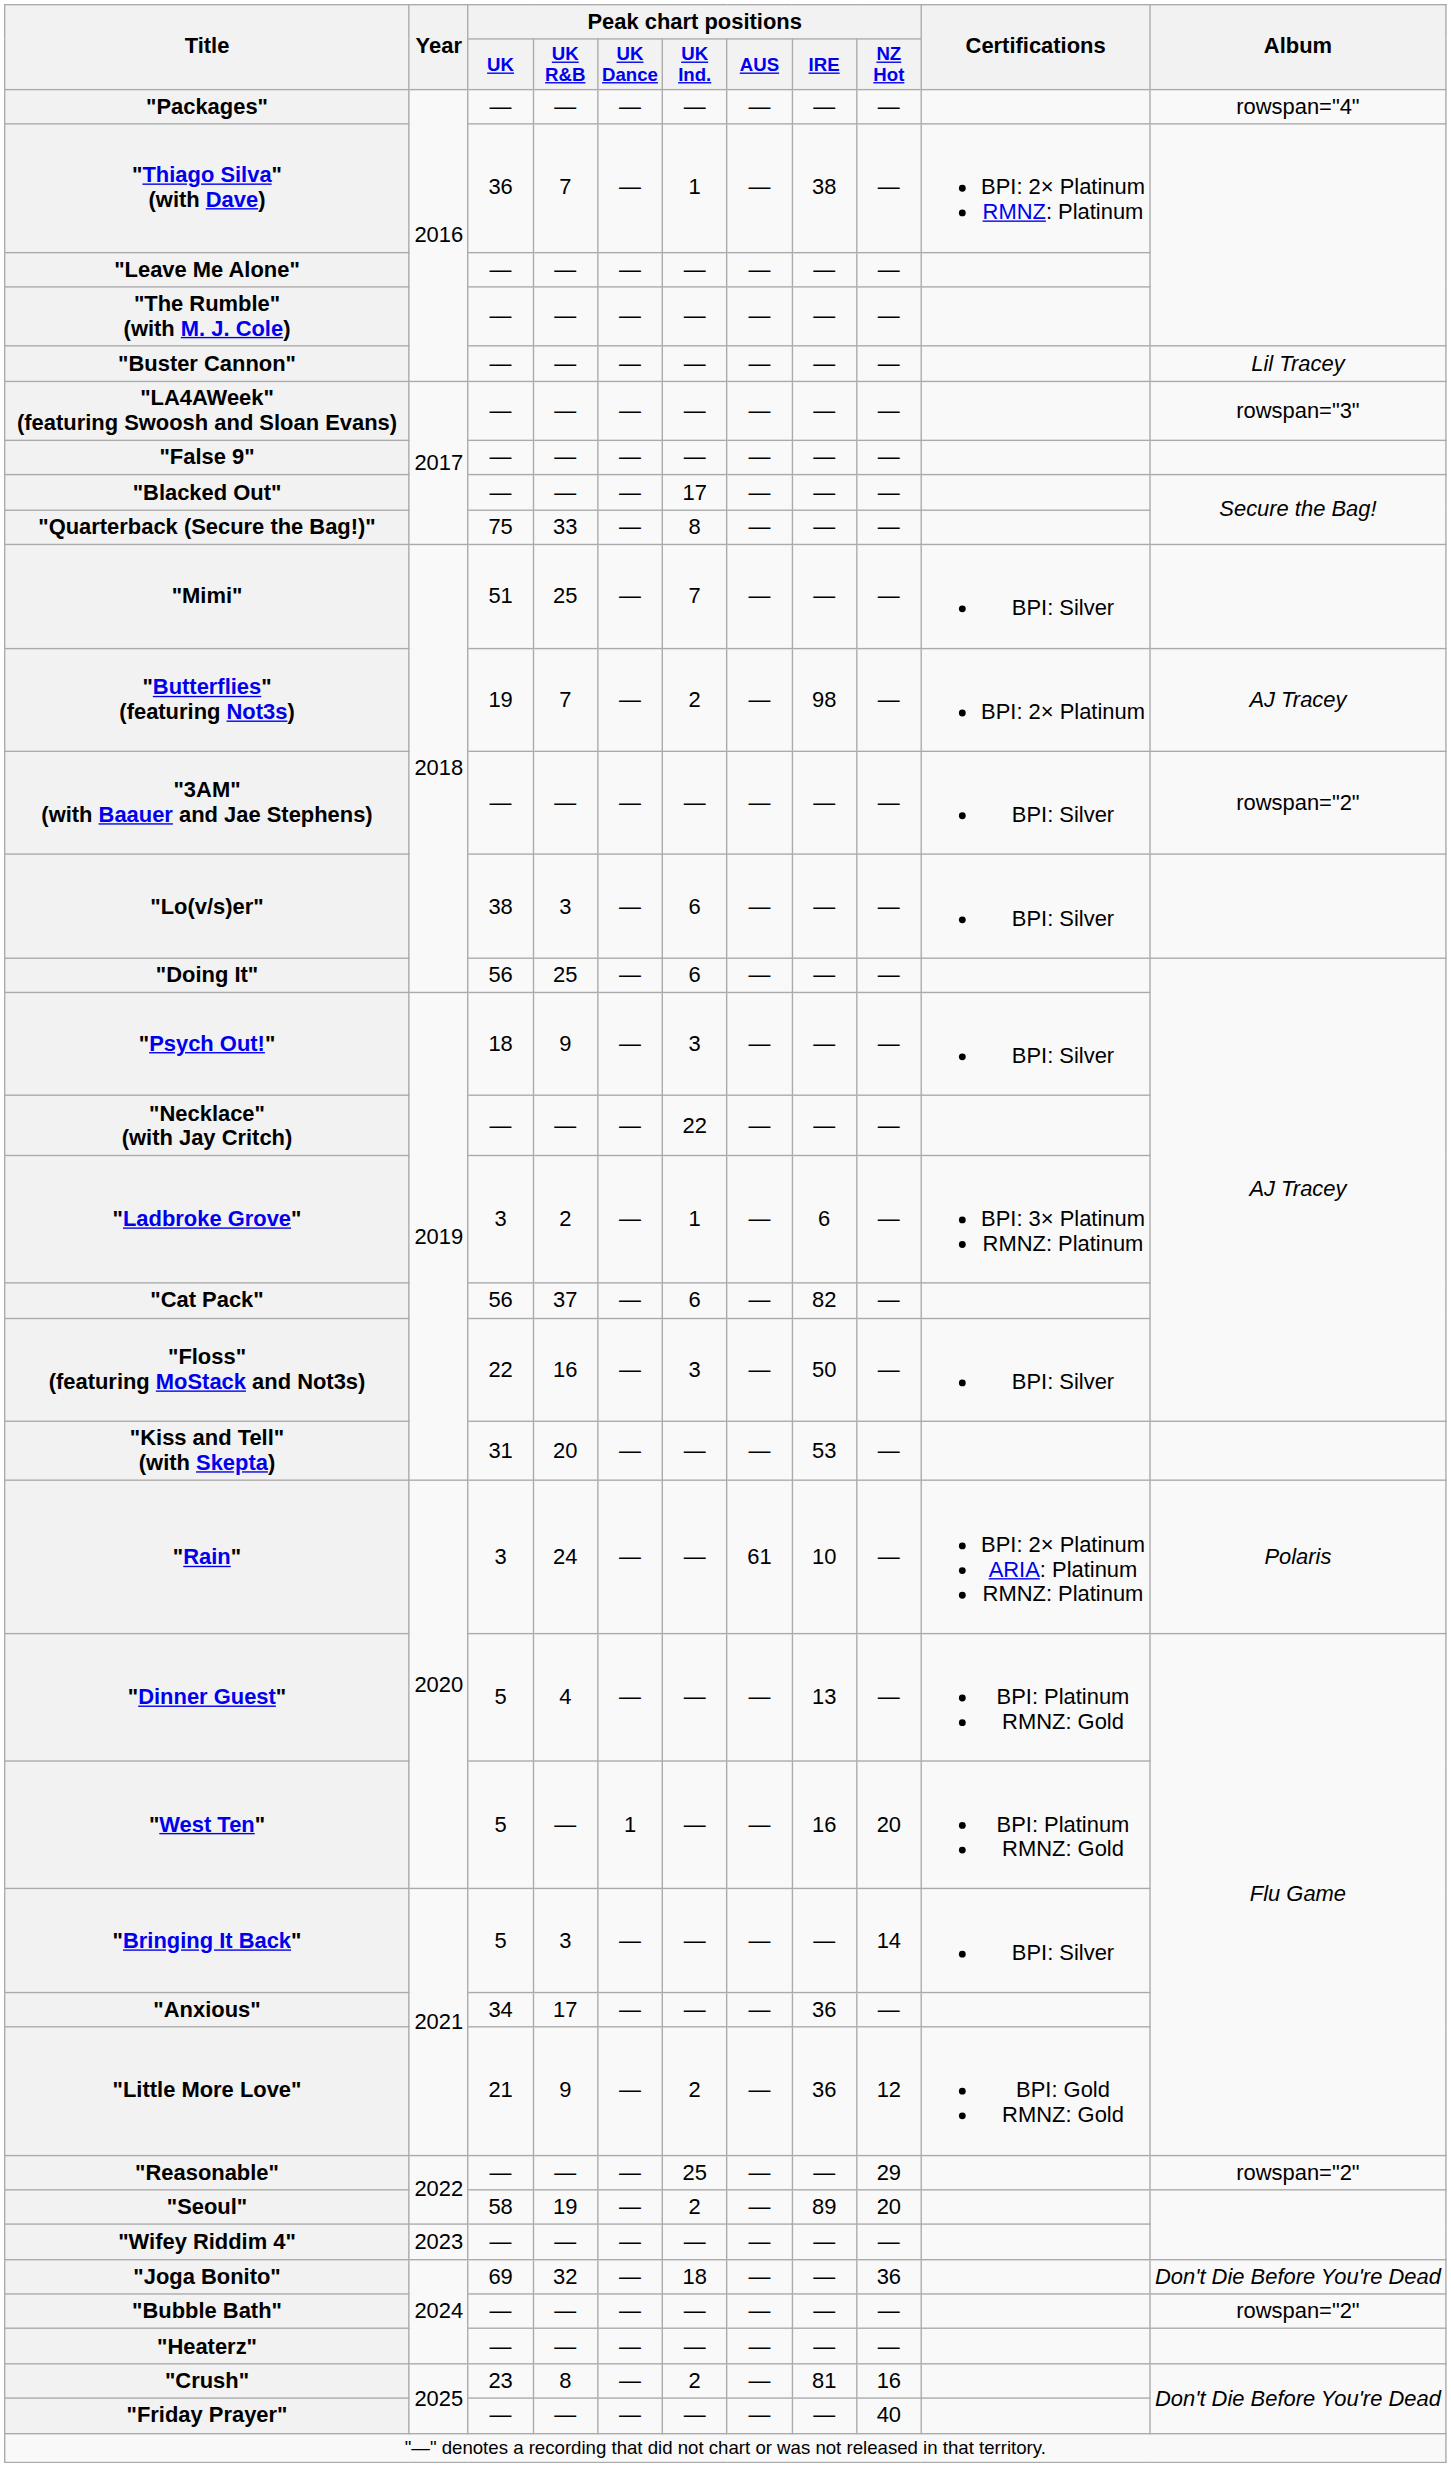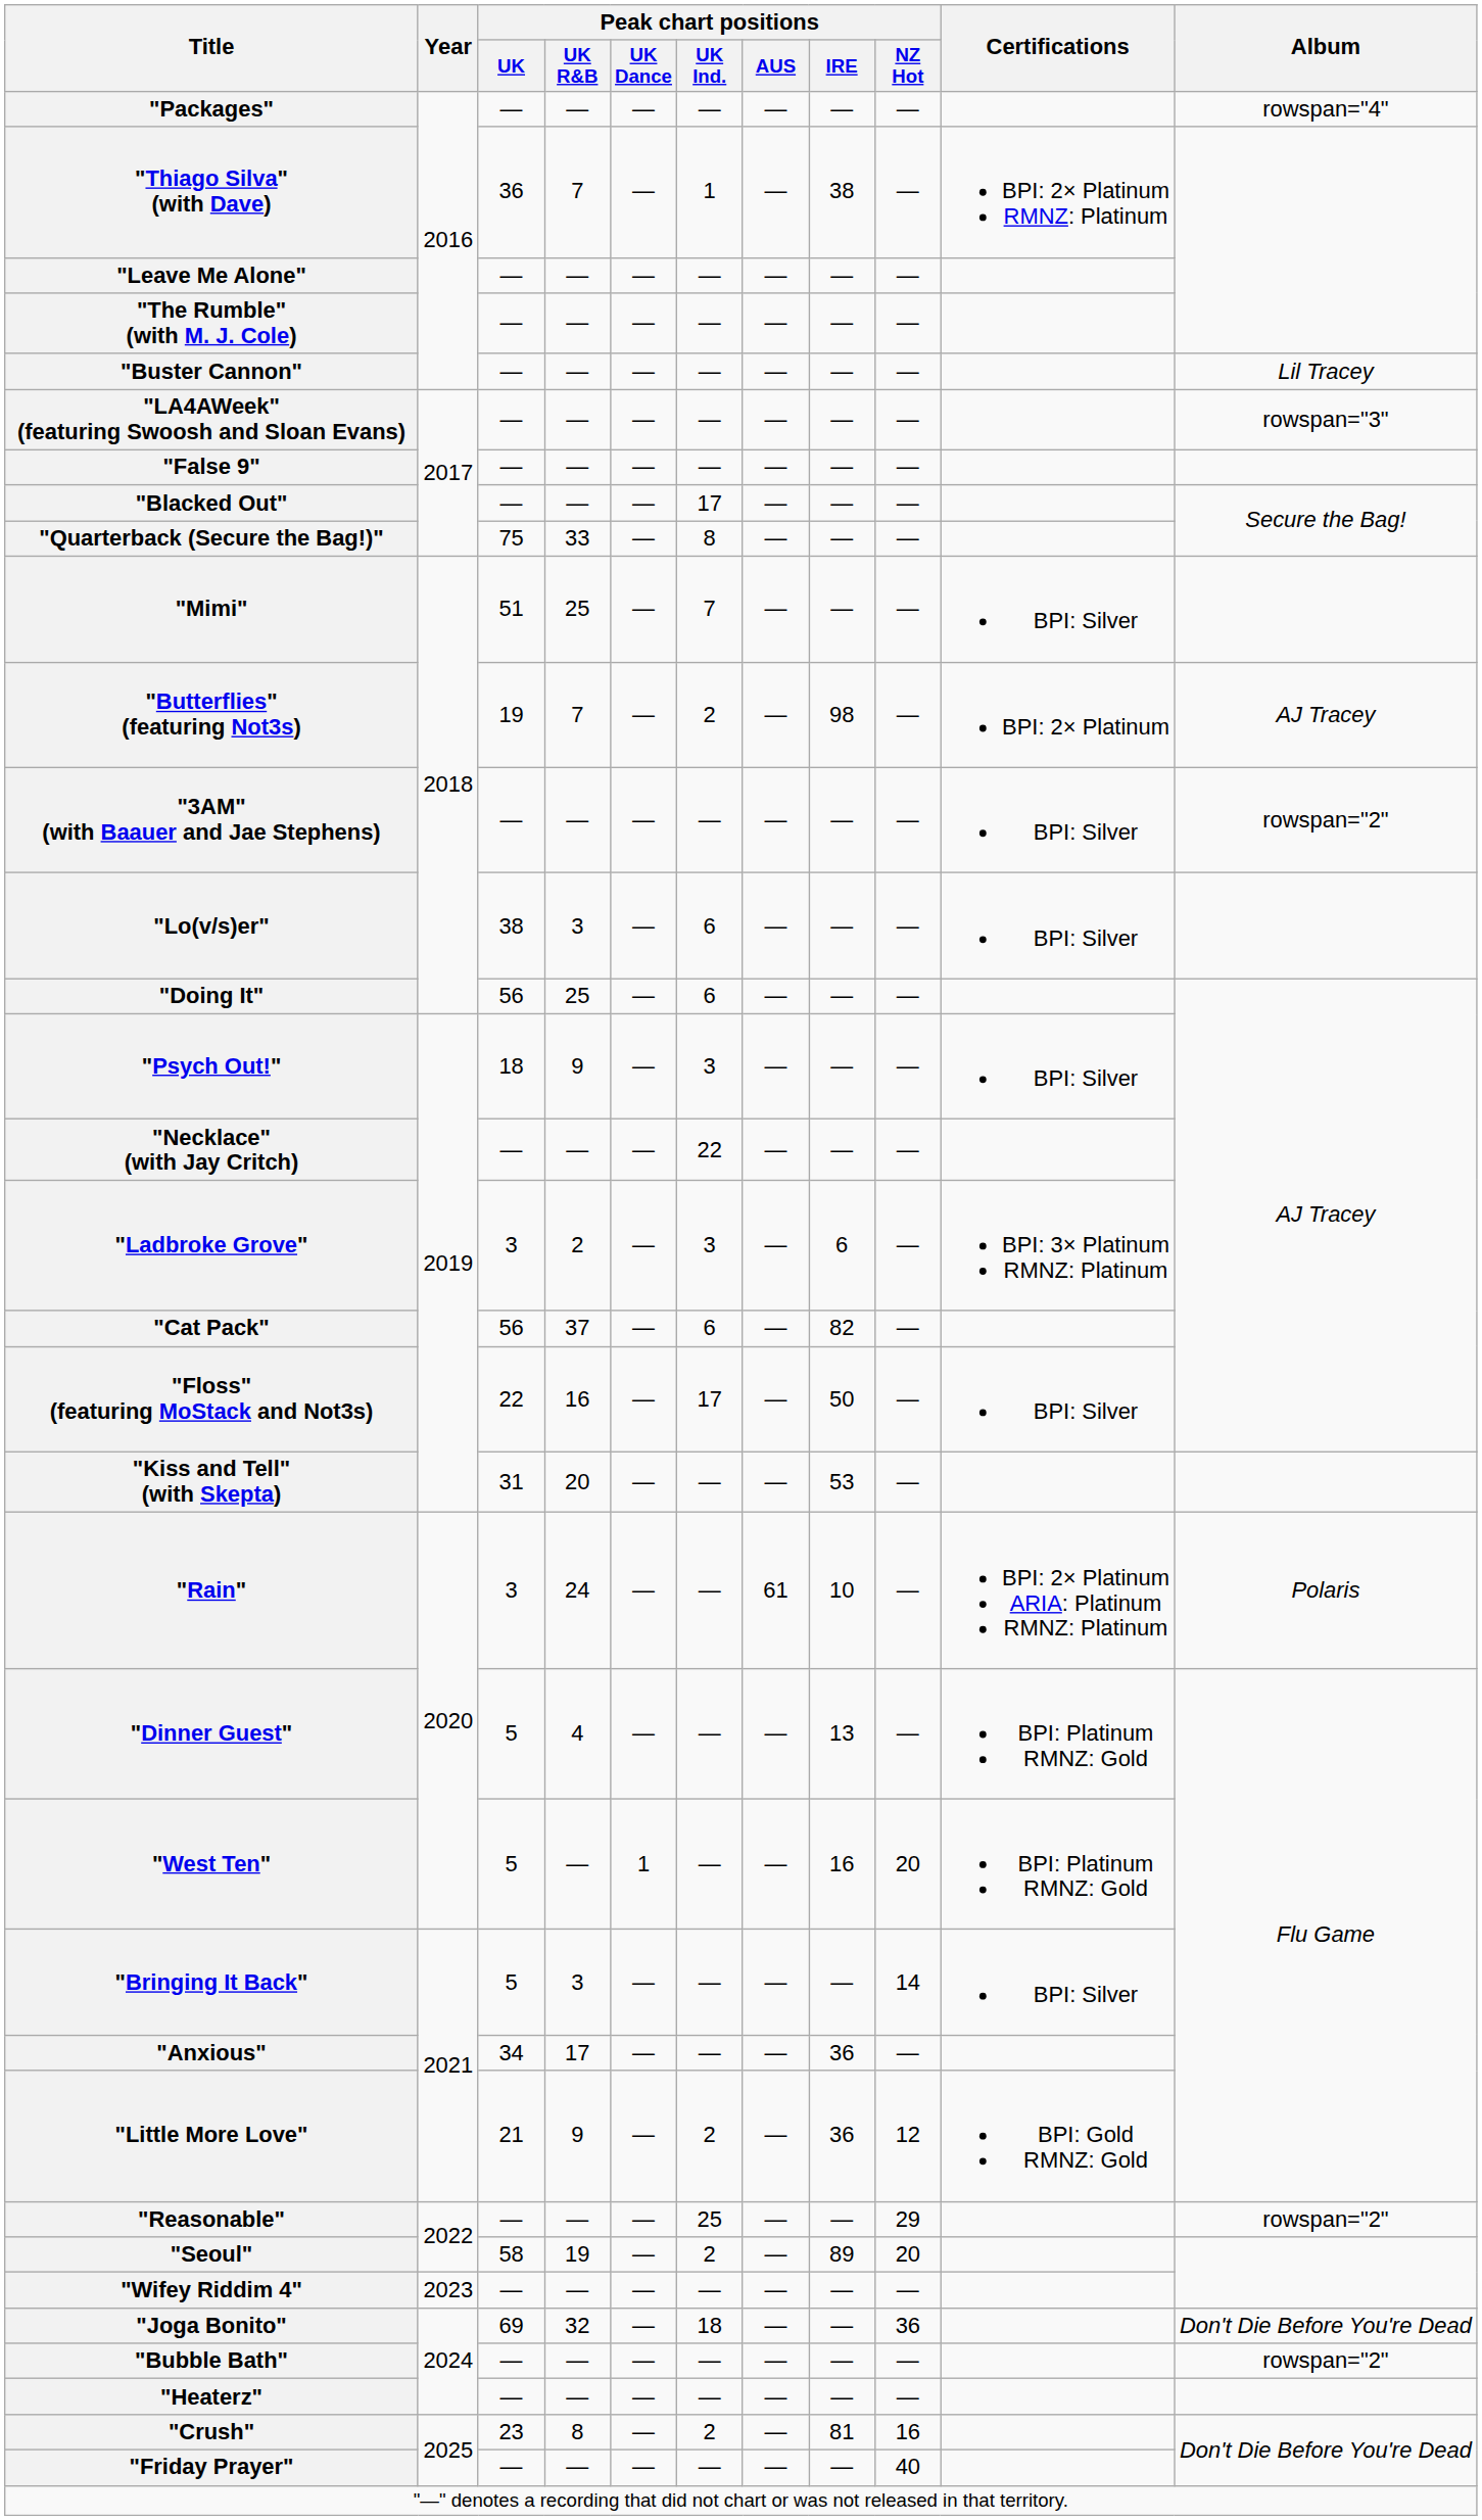 <table class="wikitable plainrowheaders" style="text-align:center;">
 <tr>
 <th scope="col" rowspan="2" style="width:18em;">Title</th>
 <th scope="col" rowspan="2" style="width:1em;">Year</th>
 <th scope="col" colspan="7">Peak chart positions</th>
 <th scope="col" rowspan="2">Certifications</th>
 <th scope="col" rowspan="2">Album</th>
 </tr>
 <tr>
 <th scope="col" style="width:3em;font-size:85%;"><a href='#'>UK</a><br></th>
 <th scope="col" style="width:3em;font-size:85%;"><a href='#'>UK<br>R&B</a><br></th>
 <th scope="col" style="width:3em;font-size:85%;"><a href='#'>UK Dance</a><br></th>
 <th scope="col" style="width:3em;font-size:85%;"><a href='#'>UK<br>Ind.</a><br></th>
 <th scope="col" style="width:3em;font-size:85%;"><a href='#'>AUS</a><br></th>
 <th scope="col" style="width:3em;font-size:85%;"><a href='#'>IRE</a><br></th>
 <th scope="col" style="width:3em;font-size:85%;"><a href='#'>NZ<br>Hot</a><br></th>
 </tr>
 <tr>
 <th scope="row">"Packages"</th>
 <td rowspan="5">2016</td>
 <td>—</td>
 <td>—</td>
 <td>—</td>
 <td>—</td>
 <td>—</td>
 <td>—</td>
 <td>—</td>
 <td></td>
 <td>rowspan="4" </td>
 </tr>
 <tr>
 <th scope="row">"<a href='#'>Thiago Silva</a>"<br><span>(with <a href='#'>Dave</a>)</span></th>
 <td>36</td>
 <td>7</td>
 <td>—</td>
 <td>1</td>
 <td>—</td>
 <td>38</td>
 <td>—</td>
 <td><br><ul><li>BPI: 2× Platinum</li><li><a href='#'>RMNZ</a>: Platinum</li></ul></td>
 </tr>
 <tr>
 <th scope="row">"Leave Me Alone"</th>
 <td>—</td>
 <td>—</td>
 <td>—</td>
 <td>—</td>
 <td>—</td>
 <td>—</td>
 <td>—</td>
 <td></td>
 </tr>
 <tr>
 <th scope="row">"The Rumble"<br><span>(with <a href='#'>M. J. Cole</a>)</span></th>
 <td>—</td>
 <td>—</td>
 <td>—</td>
 <td>—</td>
 <td>—</td>
 <td>—</td>
 <td>—</td>
 <td></td>
 </tr>
 <tr>
 <th scope="row">"Buster Cannon"</th>
 <td>—</td>
 <td>—</td>
 <td>—</td>
 <td>—</td>
 <td>—</td>
 <td>—</td>
 <td>—</td>
 <td></td>
 <td><em>Lil Tracey</em></td>
 </tr>
 <tr>
 <th scope="row">"LA4AWeek" <br><span>(featuring Swoosh and Sloan Evans)</span></th>
 <td rowspan="4">2017</td>
 <td>—</td>
 <td>—</td>
 <td>—</td>
 <td>—</td>
 <td>—</td>
 <td>—</td>
 <td>—</td>
 <td></td>
 <td>rowspan="3" </td>
 </tr>
 <tr>
 <th scope="row">"False 9"</th>
 <td>—</td>
 <td>—</td>
 <td>—</td>
 <td>—</td>
 <td>—</td>
 <td>—</td>
 <td>—</td>
 <td></td>
 </tr>
 <tr>
 <th scope="row">"Blacked Out"</th>
 <td>—</td>
 <td>—</td>
 <td>—</td>
 <td>17</td>
 <td>—</td>
 <td>—</td>
 <td>—</td>
 <td></td>
 <td rowspan="2"><em>Secure the Bag!</em></td>
 </tr>
 <tr>
 <th scope="row">"Quarterback (Secure the Bag!)"</th>
 <td>75</td>
 <td>33</td>
 <td>—</td>
 <td>8</td>
 <td>—</td>
 <td>—</td>
 <td>—</td>
 <td></td>
 </tr>
 <tr>
 <th scope="row">"Mimi"</th>
 <td rowspan="5">2018</td>
 <td>51</td>
 <td>25</td>
 <td>—</td>
 <td>7</td>
 <td>—</td>
 <td>—</td>
 <td>—</td>
 <td><br><ul><li>BPI: Silver</li></ul></td>
 <td></td>
 </tr>
 <tr>
 <th scope="row">"<a href='#'>Butterflies</a>"<br><span>(featuring <a href='#'>Not3s</a>)</span></th>
 <td>19</td>
 <td>7</td>
 <td>—</td>
 <td>2</td>
 <td>—</td>
 <td>98</td>
 <td>—</td>
 <td><br><ul><li>BPI: 2× Platinum</li></ul></td>
 <td><em>AJ Tracey</em></td>
 </tr>
 <tr>
 <th scope="row">"3AM"<br><span>(with <a href='#'>Baauer</a> and Jae Stephens)</span></th>
 <td>—</td>
 <td>—</td>
 <td>—</td>
 <td>—</td>
 <td>—</td>
 <td>—</td>
 <td>—</td>
 <td><br><ul><li>BPI: Silver</li></ul></td>
 <td>rowspan="2" </td>
 </tr>
 <tr>
 <th scope="row">"Lo(v/s)er"</th>
 <td>38</td>
 <td>3</td>
 <td>—</td>
 <td>6</td>
 <td>—</td>
 <td>—</td>
 <td>—</td>
 <td><br><ul><li>BPI: Silver</li></ul></td>
 </tr>
 <tr>
 <th scope="row">"Doing It"</th>
 <td>56</td>
 <td>25</td>
 <td>—</td>
 <td>6</td>
 <td>—</td>
 <td>—</td>
 <td>—</td>
 <td></td>
 <td rowspan="6"><em>AJ Tracey</em></td>
 </tr>
 <tr>
 <th scope="row">"<a href='#'>Psych Out!</a>"</th>
 <td rowspan="6">2019</td>
 <td>18</td>
 <td>9</td>
 <td>—</td>
 <td>3</td>
 <td>—</td>
 <td>—</td>
 <td>—</td>
 <td><br><ul><li>BPI: Silver</li></ul></td>
 </tr>
 <tr>
 <th scope="row">"Necklace"<br><span>(with Jay Critch)</span></th>
 <td>—</td>
 <td>—</td>
 <td>—</td>
 <td>22</td>
 <td>—</td>
 <td>—</td>
 <td>—</td>
 <td></td>
 </tr>
 <tr>
 <th scope="row">"<a href='#'>Ladbroke Grove</a>"</th>
 <td>3</td>
 <td>2</td>
 <td>—</td>
-<td>1</td>
+<td>3</td>
 <td>—</td>
 <td>6</td>
 <td>—</td>
 <td><br><ul><li>BPI: 3× Platinum</li><li>RMNZ: Platinum</li></ul></td>
 </tr>
 <tr>
 <th scope="row">"Cat Pack"</th>
 <td>56</td>
 <td>37</td>
 <td>—</td>
 <td>6</td>
 <td>—</td>
 <td>82</td>
 <td>—</td>
 <td></td>
 </tr>
 <tr>
 <th scope="row">"Floss"<br><span>(featuring <a href='#'>MoStack</a> and Not3s)</span></th>
 <td>22</td>
 <td>16</td>
 <td>—</td>
-<td>3</td>
+<td>17</td>
 <td>—</td>
 <td>50</td>
 <td>—</td>
 <td><br><ul><li>BPI: Silver</li></ul></td>
 </tr>
 <tr>
 <th scope="row">"Kiss and Tell"<br><span>(with <a href='#'>Skepta</a>)</span></th>
 <td>31</td>
 <td>20</td>
 <td>—</td>
 <td>—</td>
 <td>—</td>
 <td>53</td>
 <td>—</td>
 <td></td>
 <td></td>
 </tr>
 <tr>
 <th scope="row">"<a href='#'>Rain</a>"<br></th>
 <td rowspan="3">2020</td>
 <td>3</td>
 <td>24</td>
 <td>—</td>
 <td>—</td>
 <td>61</td>
 <td>10</td>
 <td>—</td>
 <td><br><ul><li>BPI: 2× Platinum</li><li><a href='#'>ARIA</a>: Platinum</li><li>RMNZ: Platinum</li></ul></td>
 <td><em>Polaris</em></td>
 </tr>
 <tr>
 <th scope="row">"<a href='#'>Dinner Guest</a>"<br></th>
 <td>5</td>
 <td>4</td>
 <td>—</td>
 <td>—</td>
 <td>—</td>
 <td>13</td>
 <td>—</td>
 <td><br><ul><li>BPI: Platinum</li><li>RMNZ: Gold</li></ul></td>
 <td rowspan="5"><em>Flu Game</em></td>
 </tr>
 <tr>
 <th scope="row">"<a href='#'>West Ten</a>"<br></th>
 <td>5</td>
 <td>—</td>
 <td>1</td>
 <td>—</td>
 <td>—</td>
 <td>16</td>
 <td>20</td>
 <td><br><ul><li>BPI: Platinum</li><li>RMNZ: Gold</li></ul></td>
 </tr>
 <tr>
 <th scope="row">"<a href='#'>Bringing It Back</a>"<br></th>
 <td rowspan="3">2021</td>
 <td>5</td>
 <td>3</td>
 <td>—</td>
 <td>—</td>
 <td>—</td>
 <td>—</td>
 <td>14</td>
 <td><br><ul><li>BPI: Silver</li></ul></td>
 </tr>
 <tr>
 <th scope="row">"Anxious"</th>
 <td>34</td>
 <td>17</td>
 <td>—</td>
 <td>—</td>
 <td>—</td>
 <td>36</td>
 <td>—</td>
 <td></td>
 </tr>
 <tr>
 <th scope="row">"Little More Love"</th>
 <td>21</td>
 <td>9</td>
 <td>—</td>
 <td>2</td>
 <td>—</td>
 <td>36</td>
 <td>12</td>
 <td><br><ul><li>BPI: Gold</li><li>RMNZ: Gold</li></ul></td>
 </tr>
 <tr>
 <th scope="row">"Reasonable"</th>
 <td rowspan="2">2022</td>
 <td>—</td>
 <td>—</td>
 <td>—</td>
 <td>25</td>
 <td>—</td>
 <td>—</td>
 <td>29</td>
 <td></td>
 <td>rowspan="2" </td>
 </tr>
 <tr>
 <th scope="row">"Seoul"</th>
 <td>58</td>
 <td>19</td>
 <td>—</td>
 <td>2</td>
 <td>—</td>
 <td>89</td>
 <td>20</td>
 <td></td>
 </tr>
 <tr>
 <th scope="row">"Wifey Riddim 4"</th>
 <td>2023</td>
 <td>—</td>
 <td>—</td>
 <td>—</td>
 <td>—</td>
 <td>—</td>
 <td>—</td>
 <td>—</td>
 <td></td>
 </tr>
 <tr>
 <th scope="row">"Joga Bonito"</th>
 <td rowspan="3">2024</td>
 <td>69</td>
 <td>32</td>
 <td>—</td>
 <td>18</td>
 <td>—</td>
 <td>—</td>
 <td>36</td>
 <td></td>
 <td><em>Don't Die Before You're Dead</em></td>
 </tr>
 <tr>
 <th scope="row">"Bubble Bath"</th>
 <td>—</td>
 <td>—</td>
 <td>—</td>
 <td>—</td>
 <td>—</td>
 <td>—</td>
 <td>—</td>
 <td></td>
 <td>rowspan="2" </td>
 </tr>
 <tr>
 <th scope="row">"Heaterz"<br></th>
 <td>—</td>
 <td>—</td>
 <td>—</td>
 <td>—</td>
 <td>—</td>
 <td>—</td>
 <td>—</td>
 <td></td>
 </tr>
 <tr>
 <th scope="row">"Crush"<br></th>
 <td rowspan="2">2025</td>
 <td>23</td>
 <td>8</td>
 <td>—</td>
 <td>2</td>
 <td>—</td>
 <td>81<br></td>
 <td>16</td>
 <td></td>
 <td rowspan="2"><em>Don't Die Before You're Dead</em></td>
 </tr>
 <tr>
 <th scope="row">"Friday Prayer"<br></th>
 <td>—</td>
 <td>—</td>
 <td>—</td>
 <td>—</td>
 <td>—</td>
 <td>—</td>
 <td>40</td>
 <td></td>
 </tr>
 <tr>
 <td colspan="20" style="font-size:85%">"—" denotes a recording that did not chart or was not released in that territory.</td>
 </tr>
 </table>
